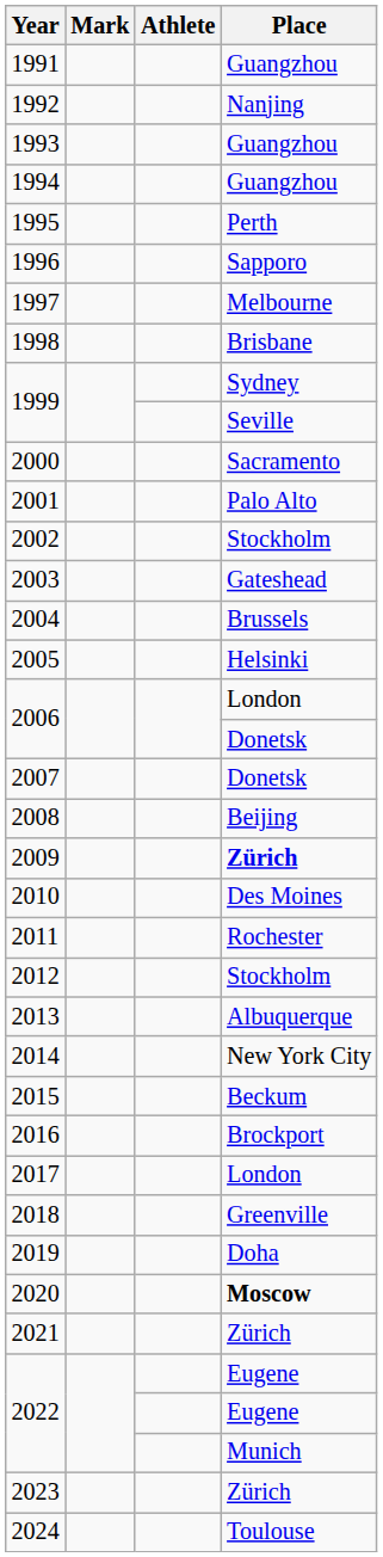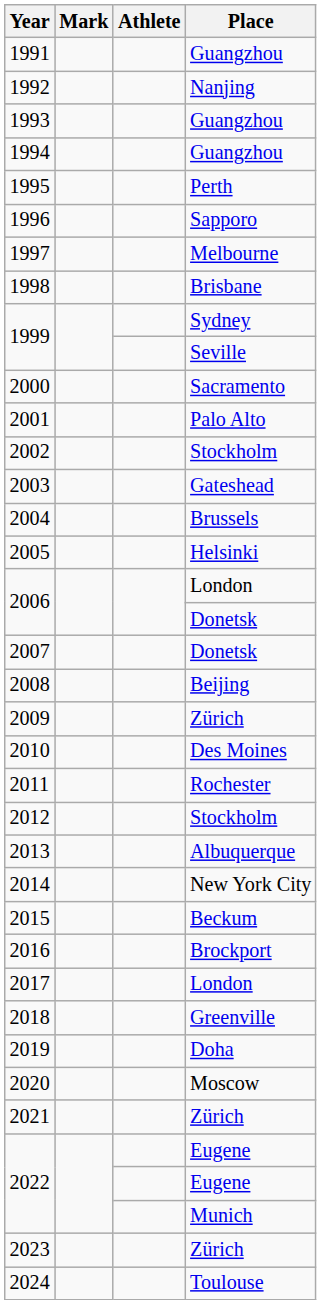 <table class="wikitable sortable" style="font-size:85%;">
 <tr>
 <th>Year</th>
 <th>Mark</th>
 <th>Athlete</th>
 <th>Place</th>
 </tr>
 <tr>
 <td>1991</td>
 <td></td>
 <td align=left></td>
 <td><a href='#'>Guangzhou</a></td>
 </tr>
 <tr>
 <td>1992</td>
 <td></td>
 <td align=left></td>
 <td><a href='#'>Nanjing</a></td>
 </tr>
 <tr>
 <td>1993</td>
 <td></td>
 <td align=left></td>
 <td><a href='#'>Guangzhou</a></td>
 </tr>
 <tr>
 <td>1994</td>
 <td></td>
 <td align=left></td>
 <td><a href='#'>Guangzhou</a></td>
 </tr>
 <tr>
 <td>1995</td>
 <td></td>
 <td align=left></td>
 <td><a href='#'>Perth</a></td>
 </tr>
 <tr>
 <td>1996</td>
 <td></td>
 <td align=left></td>
 <td><a href='#'>Sapporo</a></td>
 </tr>
 <tr>
 <td>1997</td>
 <td></td>
 <td align=left></td>
 <td><a href='#'>Melbourne</a></td>
 </tr>
 <tr>
 <td>1998</td>
 <td></td>
 <td align=left></td>
 <td><a href='#'>Brisbane</a></td>
 </tr>
 <tr>
 <td rowspan=2>1999</td>
 <td rowspan=2></td>
 <td align=left></td>
 <td><a href='#'>Sydney</a></td>
 </tr>
 <tr>
 <td aligne=left></td>
 <td><a href='#'>Seville</a></td>
 </tr>
 <tr>
 <td>2000</td>
 <td></td>
 <td align=left></td>
 <td><a href='#'>Sacramento</a></td>
 </tr>
 <tr>
 <td>2001</td>
 <td></td>
 <td align=left></td>
 <td><a href='#'>Palo Alto</a></td>
 </tr>
 <tr>
 <td>2002</td>
 <td></td>
 <td align=left></td>
 <td><a href='#'>Stockholm</a></td>
 </tr>
 <tr>
 <td>2003</td>
 <td></td>
 <td align=left></td>
 <td><a href='#'>Gateshead</a></td>
 </tr>
 <tr>
 <td>2004</td>
 <td></td>
 <td align=left></td>
 <td><a href='#'>Brussels</a></td>
 </tr>
 <tr>
 <td>2005</td>
 <td></td>
 <td align=left></td>
 <td><a href='#'>Helsinki</a></td>
 </tr>
 <tr>
 <td rowspan=2>2006</td>
 <td rowspan=2></td>
 <td rowspan=2 align=left></td>
 <td>London</td>
 </tr>
 <tr>
 <td><a href='#'>Donetsk</a></td>
 </tr>
 <tr>
 <td>2007</td>
 <td> </td>
 <td align=left></td>
 <td><a href='#'>Donetsk</a></td>
 </tr>
 <tr>
 <td>2008</td>
 <td></td>
 <td align=left></td>
 <td><a href='#'>Beijing</a></td>
 </tr>
 <tr>
 <td>2009</td>
 <td></td>
 <td align=left></td>
-<td><strong><a href='#'>Zürich</a></strong></td>
+<td><a href='#'>Zürich</a></td>
 </tr>
 <tr>
 <td>2010</td>
 <td></td>
 <td align=left></td>
 <td><a href='#'>Des Moines</a></td>
 </tr>
 <tr>
 <td>2011</td>
 <td></td>
 <td align=left></td>
 <td><a href='#'>Rochester</a></td>
 </tr>
 <tr>
 <td>2012</td>
 <td> </td>
 <td align=left></td>
 <td><a href='#'>Stockholm</a></td>
 </tr>
 <tr>
 <td>2013</td>
 <td>  </td>
 <td align=left></td>
 <td><a href='#'>Albuquerque</a></td>
 </tr>
 <tr>
 <td>2014</td>
 <td></td>
 <td align=left></td>
 <td>New York City</td>
 </tr>
 <tr>
 <td>2015</td>
 <td></td>
 <td align=left></td>
 <td><a href='#'>Beckum</a></td>
 </tr>
 <tr>
 <td>2016</td>
 <td> </td>
 <td align=left></td>
 <td><a href='#'>Brockport</a></td>
 </tr>
 <tr>
 <td>2017</td>
 <td></td>
 <td align=left></td>
 <td><a href='#'>London</a></td>
 </tr>
 <tr>
 <td>2018</td>
 <td></td>
 <td align=left></td>
 <td><a href='#'>Greenville</a></td>
 </tr>
 <tr>
 <td>2019</td>
 <td></td>
 <td align=left></td>
 <td><a href='#'>Doha</a></td>
 </tr>
 <tr>
 <td>2020</td>
 <td> </td>
 <td align=left></td>
-<td><strong>Moscow</strong></td>
+<td>Moscow</td>
 </tr>
 <tr>
 <td>2021</td>
 <td></td>
 <td align=left></td>
 <td><a href='#'>Zürich</a></td>
 </tr>
 <tr>
 <td rowspan=3>2022</td>
 <td rowspan=3></td>
 <td align=left></td>
 <td><a href='#'>Eugene</a></td>
 </tr>
 <tr>
 <td align=left></td>
 <td><a href='#'>Eugene</a></td>
 </tr>
 <tr>
 <td align=left></td>
 <td><a href='#'>Munich</a></td>
 </tr>
 <tr>
 <td>2023</td>
 <td> </td>
 <td align=left></td>
 <td><a href='#'>Zürich</a></td>
 </tr>
 <tr>
 <td>2024</td>
 <td></td>
 <td align=left></td>
 <td><a href='#'>Toulouse</a></td>
 </tr>
 </table>
